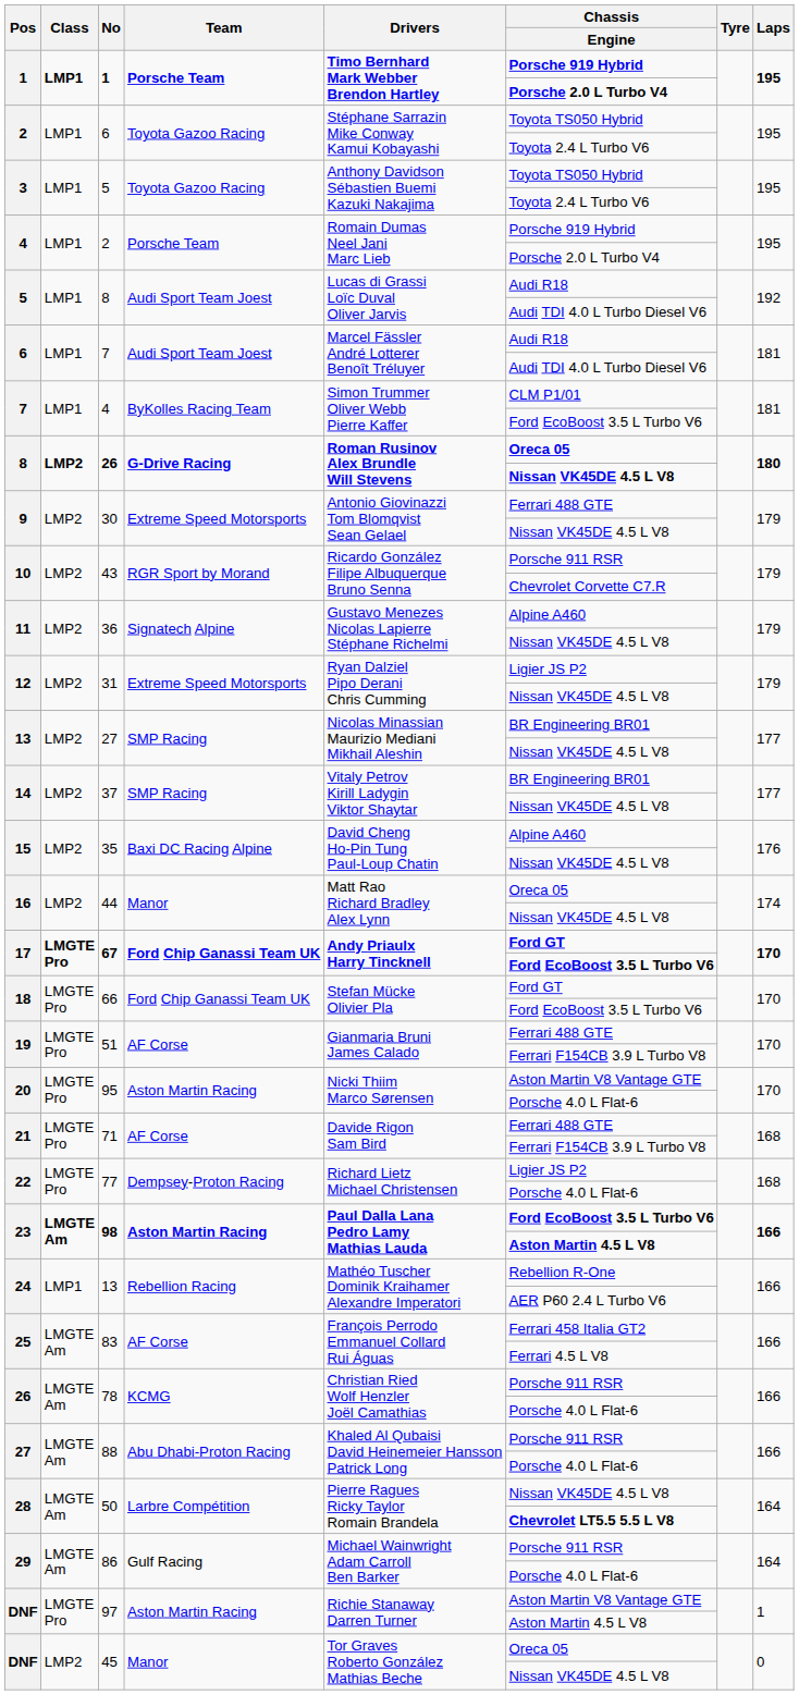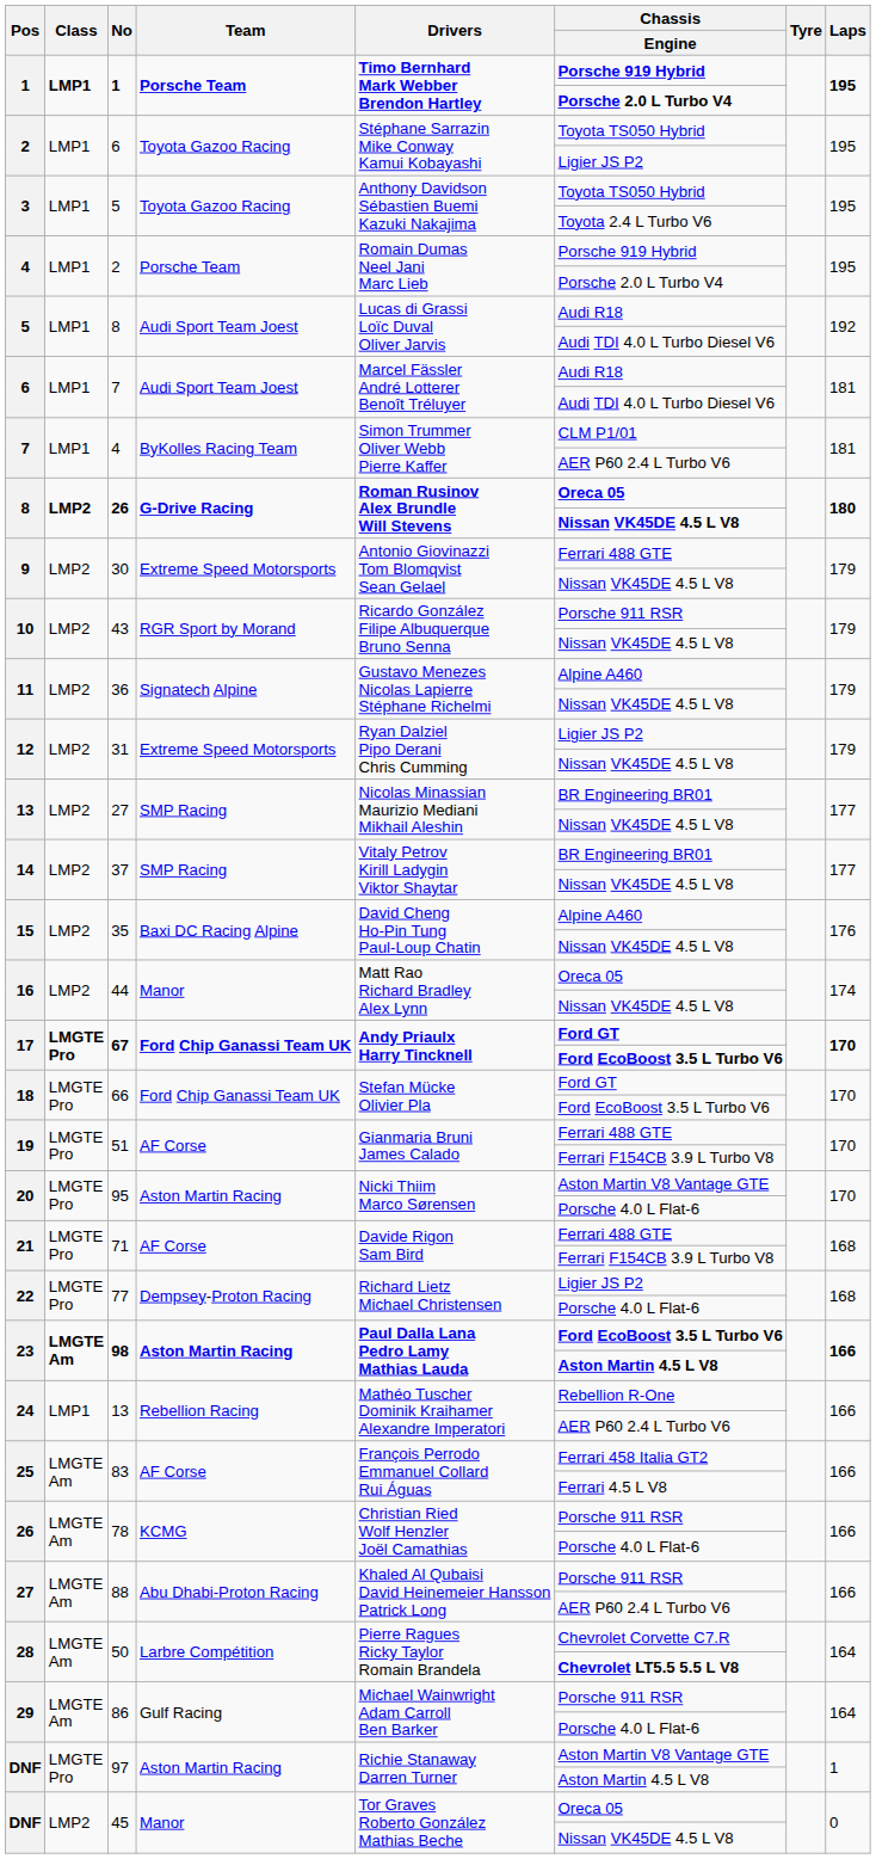 <table class="wikitable" style="font-size: 95%;">
 <tr>
 <th rowspan=2>Pos</th>
 <th rowspan=2>Class</th>
 <th rowspan=2>No</th>
 <th rowspan=2>Team</th>
 <th rowspan=2>Drivers</th>
 <th>Chassis</th>
 <th rowspan=2>Tyre</th>
 <th rowspan=2>Laps</th>
 </tr>
 <tr>
 <th>Engine</th>
 </tr>
 <tr style="font-weight:bold">
 <th rowspan=2>1</th>
 <td rowspan=2>LMP1</td>
 <td rowspan=2>1</td>
 <td rowspan=2> <a href='#'>Porsche Team</a></td>
 <td rowspan=2> <a href='#'>Timo Bernhard</a><br> <a href='#'>Mark Webber</a><br> <a href='#'>Brendon Hartley</a></td>
 <td><a href='#'>Porsche 919 Hybrid</a></td>
 <td rowspan=2></td>
 <td rowspan=2>195</td>
 </tr>
 <tr style="font-weight:bold">
 <td><a href='#'>Porsche</a> 2.0 L Turbo V4</td>
 </tr>
 <tr>
 <th rowspan=2>2</th>
 <td rowspan=2>LMP1</td>
 <td rowspan=2>6</td>
 <td rowspan=2> <a href='#'>Toyota Gazoo Racing</a></td>
 <td rowspan=2> <a href='#'>Stéphane Sarrazin</a><br> <a href='#'>Mike Conway</a><br> <a href='#'>Kamui Kobayashi</a></td>
 <td><a href='#'>Toyota TS050 Hybrid</a></td>
 <td rowspan=2></td>
 <td rowspan=2>195</td>
 </tr>
 <tr>
-<td><a href='#'>Toyota</a> 2.4 L Turbo V6</td>
+<td><a href='#'>Ligier JS P2</a></td>
 </tr>
 <tr>
 <th rowspan=2>3</th>
 <td rowspan=2>LMP1</td>
 <td rowspan=2>5</td>
 <td rowspan=2> <a href='#'>Toyota Gazoo Racing</a></td>
 <td rowspan=2> <a href='#'>Anthony Davidson</a><br> <a href='#'>Sébastien Buemi</a><br> <a href='#'>Kazuki Nakajima</a></td>
 <td><a href='#'>Toyota TS050 Hybrid</a></td>
 <td rowspan=2></td>
 <td rowspan=2>195</td>
 </tr>
 <tr>
 <td><a href='#'>Toyota</a> 2.4 L Turbo V6</td>
 </tr>
 <tr>
 <th rowspan=2>4</th>
 <td rowspan=2>LMP1</td>
 <td rowspan=2>2</td>
 <td rowspan=2> <a href='#'>Porsche Team</a></td>
 <td rowspan=2> <a href='#'>Romain Dumas</a><br> <a href='#'>Neel Jani</a><br> <a href='#'>Marc Lieb</a></td>
 <td><a href='#'>Porsche 919 Hybrid</a></td>
 <td rowspan=2></td>
 <td rowspan=2>195</td>
 </tr>
 <tr>
 <td><a href='#'>Porsche</a> 2.0 L Turbo V4</td>
 </tr>
 <tr>
 <th rowspan=2>5</th>
 <td rowspan=2>LMP1</td>
 <td rowspan=2>8</td>
 <td rowspan=2> <a href='#'>Audi Sport Team Joest</a></td>
 <td rowspan=2> <a href='#'>Lucas di Grassi</a><br> <a href='#'>Loïc Duval</a><br> <a href='#'>Oliver Jarvis</a></td>
 <td><a href='#'>Audi R18</a></td>
 <td rowspan=2></td>
 <td rowspan=2>192</td>
 </tr>
 <tr>
 <td><a href='#'>Audi</a> <a href='#'>TDI</a> 4.0 L Turbo Diesel V6</td>
 </tr>
 <tr>
 <th rowspan=2>6</th>
 <td rowspan=2>LMP1</td>
 <td rowspan=2>7</td>
 <td rowspan=2> <a href='#'>Audi Sport Team Joest</a></td>
 <td rowspan=2> <a href='#'>Marcel Fässler</a><br> <a href='#'>André Lotterer</a><br> <a href='#'>Benoît Tréluyer</a></td>
 <td><a href='#'>Audi R18</a></td>
 <td rowspan=2></td>
 <td rowspan=2>181</td>
 </tr>
 <tr>
 <td><a href='#'>Audi</a> <a href='#'>TDI</a> 4.0 L Turbo Diesel V6</td>
 </tr>
 <tr>
 <th rowspan=2>7</th>
 <td rowspan=2>LMP1</td>
 <td rowspan=2>4</td>
 <td rowspan=2> <a href='#'>ByKolles Racing Team</a></td>
 <td rowspan=2> <a href='#'>Simon Trummer</a><br> <a href='#'>Oliver Webb</a><br> <a href='#'>Pierre Kaffer</a></td>
 <td><a href='#'>CLM P1/01</a></td>
 <td rowspan=2></td>
 <td rowspan=2>181</td>
 </tr>
 <tr>
-<td><a href='#'>Ford</a> <a href='#'>EcoBoost</a> 3.5 L Turbo V6</td>
+<td><a href='#'>AER</a> P60 2.4 L Turbo V6</td>
 </tr>
 <tr style="font-weight:bold">
 <th rowspan=2>8</th>
 <td rowspan=2>LMP2</td>
 <td rowspan=2>26</td>
 <td rowspan=2> <a href='#'>G-Drive Racing</a></td>
 <td rowspan=2> <a href='#'>Roman Rusinov</a><br> <a href='#'>Alex Brundle</a><br> <a href='#'>Will Stevens</a></td>
 <td><a href='#'>Oreca 05</a></td>
 <td rowspan=2></td>
 <td rowspan=2>180</td>
 </tr>
 <tr style="font-weight:bold">
 <td><a href='#'>Nissan</a> <a href='#'>VK45DE</a> 4.5 L V8</td>
 </tr>
 <tr>
 <th rowspan=2>9</th>
 <td rowspan=2>LMP2</td>
 <td rowspan=2>30</td>
 <td rowspan=2> <a href='#'>Extreme Speed Motorsports</a></td>
 <td rowspan=2> <a href='#'>Antonio Giovinazzi</a><br> <a href='#'>Tom Blomqvist</a><br> <a href='#'>Sean Gelael</a></td>
 <td><a href='#'>Ferrari 488 GTE</a></td>
 <td rowspan=2></td>
 <td rowspan=2>179</td>
 </tr>
 <tr>
 <td><a href='#'>Nissan</a> <a href='#'>VK45DE</a> 4.5 L V8</td>
 </tr>
 <tr>
 <th rowspan=2>10</th>
 <td rowspan=2>LMP2</td>
 <td rowspan=2>43</td>
 <td rowspan=2> <a href='#'>RGR Sport by Morand</a></td>
 <td rowspan=2> <a href='#'>Ricardo González</a><br> <a href='#'>Filipe Albuquerque</a><br> <a href='#'>Bruno Senna</a></td>
 <td><a href='#'>Porsche 911 RSR</a></td>
 <td rowspan=2></td>
 <td rowspan=2>179</td>
 </tr>
 <tr>
-<td><a href='#'>Chevrolet Corvette C7.R</a></td>
+<td><a href='#'>Nissan</a> <a href='#'>VK45DE</a> 4.5 L V8</td>
 </tr>
 <tr>
 <th rowspan=2>11</th>
 <td rowspan=2>LMP2</td>
 <td rowspan=2>36</td>
 <td rowspan=2> <a href='#'>Signatech</a> <a href='#'>Alpine</a></td>
 <td rowspan=2> <a href='#'>Gustavo Menezes</a><br> <a href='#'>Nicolas Lapierre</a><br> <a href='#'>Stéphane Richelmi</a></td>
 <td><a href='#'>Alpine A460</a></td>
 <td rowspan=2></td>
 <td rowspan=2>179</td>
 </tr>
 <tr>
 <td><a href='#'>Nissan</a> <a href='#'>VK45DE</a> 4.5 L V8</td>
 </tr>
 <tr>
 <th rowspan=2>12</th>
 <td rowspan=2>LMP2</td>
 <td rowspan=2>31</td>
 <td rowspan=2> <a href='#'>Extreme Speed Motorsports</a></td>
 <td rowspan=2> <a href='#'>Ryan Dalziel</a><br> <a href='#'>Pipo Derani</a><br> Chris Cumming</td>
 <td><a href='#'>Ligier JS P2</a></td>
 <td rowspan=2></td>
 <td rowspan=2>179</td>
 </tr>
 <tr>
 <td><a href='#'>Nissan</a> <a href='#'>VK45DE</a> 4.5 L V8</td>
 </tr>
 <tr>
 <th rowspan=2>13</th>
 <td rowspan=2>LMP2</td>
 <td rowspan=2>27</td>
 <td rowspan=2> <a href='#'>SMP Racing</a></td>
 <td rowspan=2> <a href='#'>Nicolas Minassian</a><br> Maurizio Mediani<br> <a href='#'>Mikhail Aleshin</a></td>
 <td><a href='#'>BR Engineering BR01</a></td>
 <td rowspan=2></td>
 <td rowspan=2>177</td>
 </tr>
 <tr>
 <td><a href='#'>Nissan</a> <a href='#'>VK45DE</a> 4.5 L V8</td>
 </tr>
 <tr>
 <th rowspan=2>14</th>
 <td rowspan=2>LMP2</td>
 <td rowspan=2>37</td>
 <td rowspan=2> <a href='#'>SMP Racing</a></td>
 <td rowspan=2> <a href='#'>Vitaly Petrov</a><br> <a href='#'>Kirill Ladygin</a><br> <a href='#'>Viktor Shaytar</a></td>
 <td><a href='#'>BR Engineering BR01</a></td>
 <td rowspan=2></td>
 <td rowspan=2>177</td>
 </tr>
 <tr>
 <td><a href='#'>Nissan</a> <a href='#'>VK45DE</a> 4.5 L V8</td>
 </tr>
 <tr>
 <th rowspan=2>15</th>
 <td rowspan=2>LMP2</td>
 <td rowspan=2>35</td>
 <td rowspan=2> <a href='#'>Baxi DC Racing</a> <a href='#'>Alpine</a></td>
 <td rowspan=2> <a href='#'>David Cheng</a><br> <a href='#'>Ho-Pin Tung</a><br> <a href='#'>Paul-Loup Chatin</a></td>
 <td><a href='#'>Alpine A460</a></td>
 <td rowspan=2></td>
 <td rowspan=2>176</td>
 </tr>
 <tr>
 <td><a href='#'>Nissan</a> <a href='#'>VK45DE</a> 4.5 L V8</td>
 </tr>
 <tr>
 <th rowspan=2>16</th>
 <td rowspan=2>LMP2</td>
 <td rowspan=2>44</td>
 <td rowspan=2> <a href='#'>Manor</a></td>
 <td rowspan=2> Matt Rao<br> <a href='#'>Richard Bradley</a><br> <a href='#'>Alex Lynn</a></td>
 <td><a href='#'>Oreca 05</a></td>
 <td rowspan=2></td>
 <td rowspan=2>174</td>
 </tr>
 <tr>
 <td><a href='#'>Nissan</a> <a href='#'>VK45DE</a> 4.5 L V8</td>
 </tr>
 <tr style="font-weight:bold">
 <th rowspan=2>17</th>
 <td rowspan=2>LMGTE<br>Pro</td>
 <td rowspan=2>67</td>
 <td rowspan=2> <a href='#'>Ford</a> <a href='#'>Chip Ganassi Team UK</a></td>
 <td rowspan=2> <a href='#'>Andy Priaulx</a><br> <a href='#'>Harry Tincknell</a></td>
 <td><a href='#'>Ford GT</a></td>
 <td rowspan=2></td>
 <td rowspan=2>170</td>
 </tr>
 <tr style="font-weight:bold">
 <td><a href='#'>Ford</a> <a href='#'>EcoBoost</a> 3.5 L Turbo V6</td>
 </tr>
 <tr>
 <th rowspan=2>18</th>
 <td rowspan=2>LMGTE<br>Pro</td>
 <td rowspan=2>66</td>
 <td rowspan=2> <a href='#'>Ford</a> <a href='#'>Chip Ganassi Team UK</a></td>
 <td rowspan=2> <a href='#'>Stefan Mücke</a><br> <a href='#'>Olivier Pla</a></td>
 <td><a href='#'>Ford GT</a></td>
 <td rowspan=2></td>
 <td rowspan=2>170</td>
 </tr>
 <tr>
 <td><a href='#'>Ford</a> <a href='#'>EcoBoost</a> 3.5 L Turbo V6</td>
 </tr>
 <tr>
 <th rowspan=2>19</th>
 <td rowspan=2>LMGTE<br>Pro</td>
 <td rowspan=2>51</td>
 <td rowspan=2> <a href='#'>AF Corse</a></td>
 <td rowspan=2> <a href='#'>Gianmaria Bruni</a><br> <a href='#'>James Calado</a></td>
 <td><a href='#'>Ferrari 488 GTE</a></td>
 <td rowspan=2></td>
 <td rowspan=2>170</td>
 </tr>
 <tr>
 <td><a href='#'>Ferrari</a> <a href='#'>F154CB</a> 3.9 L Turbo V8</td>
 </tr>
 <tr>
 <th rowspan=2>20</th>
 <td rowspan=2>LMGTE<br>Pro</td>
 <td rowspan=2>95</td>
 <td rowspan=2> <a href='#'>Aston Martin Racing</a></td>
 <td rowspan=2> <a href='#'>Nicki Thiim</a><br> <a href='#'>Marco Sørensen</a></td>
 <td><a href='#'>Aston Martin V8 Vantage GTE</a></td>
 <td rowspan=2></td>
 <td rowspan=2>170</td>
 </tr>
 <tr>
 <td><a href='#'>Porsche</a> 4.0 L Flat-6</td>
 </tr>
 <tr>
 <th rowspan=2>21</th>
 <td rowspan=2>LMGTE<br>Pro</td>
 <td rowspan=2>71</td>
 <td rowspan=2> <a href='#'>AF Corse</a></td>
 <td rowspan=2> <a href='#'>Davide Rigon</a><br> <a href='#'>Sam Bird</a></td>
 <td><a href='#'>Ferrari 488 GTE</a></td>
 <td rowspan=2></td>
 <td rowspan=2>168</td>
 </tr>
 <tr>
 <td><a href='#'>Ferrari</a> <a href='#'>F154CB</a> 3.9 L Turbo V8</td>
 </tr>
 <tr>
 <th rowspan=2>22</th>
 <td rowspan=2>LMGTE<br>Pro</td>
 <td rowspan=2>77</td>
 <td rowspan=2> <a href='#'>Dempsey</a>-<a href='#'>Proton Racing</a></td>
 <td rowspan=2> <a href='#'>Richard Lietz</a><br> <a href='#'>Michael Christensen</a></td>
 <td><a href='#'>Ligier JS P2</a></td>
 <td rowspan=2></td>
 <td rowspan=2>168</td>
 </tr>
 <tr>
 <td><a href='#'>Porsche</a> 4.0 L Flat-6</td>
 </tr>
 <tr style="font-weight:bold">
 <th rowspan=2>23</th>
 <td rowspan=2>LMGTE<br>Am</td>
 <td rowspan=2>98</td>
 <td rowspan=2> <a href='#'>Aston Martin Racing</a></td>
 <td rowspan=2> <a href='#'>Paul Dalla Lana</a><br> <a href='#'>Pedro Lamy</a><br> <a href='#'>Mathias Lauda</a></td>
 <td><a href='#'>Ford</a> <a href='#'>EcoBoost</a> 3.5 L Turbo V6</td>
 <td rowspan=2></td>
 <td rowspan=2>166</td>
 </tr>
 <tr style="font-weight:bold">
 <td><a href='#'>Aston Martin</a> 4.5 L V8</td>
 </tr>
 <tr>
 <th rowspan=2>24</th>
 <td rowspan=2>LMP1</td>
 <td rowspan=2>13</td>
 <td rowspan=2> <a href='#'>Rebellion Racing</a></td>
 <td rowspan=2> <a href='#'>Mathéo Tuscher</a><br> <a href='#'>Dominik Kraihamer</a><br> <a href='#'>Alexandre Imperatori</a></td>
 <td><a href='#'>Rebellion R-One</a></td>
 <td rowspan=2></td>
 <td rowspan=2>166</td>
 </tr>
 <tr>
 <td><a href='#'>AER</a> P60 2.4 L Turbo V6</td>
 </tr>
 <tr>
 <th rowspan=2>25</th>
 <td rowspan=2>LMGTE<br>Am</td>
 <td rowspan=2>83</td>
 <td rowspan=2> <a href='#'>AF Corse</a></td>
 <td rowspan=2> <a href='#'>François Perrodo</a><br> <a href='#'>Emmanuel Collard</a><br> <a href='#'>Rui Águas</a></td>
 <td><a href='#'>Ferrari 458 Italia GT2</a></td>
 <td rowspan=2></td>
 <td rowspan=2>166</td>
 </tr>
 <tr>
 <td><a href='#'>Ferrari</a> 4.5 L V8</td>
 </tr>
 <tr>
 <th rowspan=2>26</th>
 <td rowspan=2>LMGTE<br>Am</td>
 <td rowspan=2>78</td>
 <td rowspan=2> <a href='#'>KCMG</a></td>
 <td rowspan=2> <a href='#'>Christian Ried</a><br> <a href='#'>Wolf Henzler</a><br> <a href='#'>Joël Camathias</a></td>
 <td><a href='#'>Porsche 911 RSR</a></td>
 <td rowspan=2></td>
 <td rowspan=2>166</td>
 </tr>
 <tr>
 <td><a href='#'>Porsche</a> 4.0 L Flat-6</td>
 </tr>
 <tr>
 <th rowspan=2>27</th>
 <td rowspan=2>LMGTE<br>Am</td>
 <td rowspan=2>88</td>
 <td rowspan=2> <a href='#'>Abu Dhabi-Proton Racing</a></td>
 <td rowspan=2> <a href='#'>Khaled Al Qubaisi</a><br> <a href='#'>David Heinemeier Hansson</a><br> <a href='#'>Patrick Long</a></td>
 <td><a href='#'>Porsche 911 RSR</a></td>
 <td rowspan=2></td>
 <td rowspan=2>166</td>
 </tr>
 <tr>
-<td><a href='#'>Porsche</a> 4.0 L Flat-6</td>
+<td><a href='#'>AER</a> P60 2.4 L Turbo V6</td>
 </tr>
 <tr>
 <th rowspan=2>28</th>
 <td rowspan=2>LMGTE<br>Am</td>
 <td rowspan=2>50</td>
 <td rowspan=2> <a href='#'>Larbre Compétition</a></td>
 <td rowspan=2> <a href='#'>Pierre Ragues</a><br> <a href='#'>Ricky Taylor</a><br> Romain Brandela</td>
-<td><a href='#'>Nissan</a> <a href='#'>VK45DE</a> 4.5 L V8</td>
+<td><a href='#'>Chevrolet Corvette C7.R</a></td>
 <td rowspan=2></td>
 <td rowspan=2>164</td>
 </tr>
 <tr>
 <td><strong><a href='#'>Chevrolet</a> LT5.5 5.5 L V8</strong></td>
 </tr>
 <tr>
 <th rowspan=2>29</th>
 <td rowspan=2>LMGTE<br>Am</td>
 <td rowspan=2>86</td>
 <td rowspan=2> Gulf Racing</td>
 <td rowspan=2> <a href='#'>Michael Wainwright</a><br> <a href='#'>Adam Carroll</a><br> <a href='#'>Ben Barker</a></td>
 <td><a href='#'>Porsche 911 RSR</a></td>
 <td rowspan=2></td>
 <td rowspan=2>164</td>
 </tr>
 <tr>
 <td><a href='#'>Porsche</a> 4.0 L Flat-6</td>
 </tr>
 <tr>
 <th rowspan=2>DNF</th>
 <td rowspan=2>LMGTE<br>Pro</td>
 <td rowspan=2>97</td>
 <td rowspan=2> <a href='#'>Aston Martin Racing</a></td>
 <td rowspan=2> <a href='#'>Richie Stanaway</a><br> <a href='#'>Darren Turner</a></td>
 <td><a href='#'>Aston Martin V8 Vantage GTE</a></td>
 <td rowspan=2></td>
 <td rowspan=2>1</td>
 </tr>
 <tr>
 <td><a href='#'>Aston Martin</a> 4.5 L V8</td>
 </tr>
 <tr>
 <th rowspan=2>DNF</th>
 <td rowspan=2>LMP2</td>
 <td rowspan=2>45</td>
 <td rowspan=2> <a href='#'>Manor</a></td>
 <td rowspan=2> <a href='#'>Tor Graves</a><br> <a href='#'>Roberto González</a><br> <a href='#'>Mathias Beche</a></td>
 <td><a href='#'>Oreca 05</a></td>
 <td rowspan=2></td>
 <td rowspan=2>0</td>
 </tr>
 <tr>
 <td><a href='#'>Nissan</a> <a href='#'>VK45DE</a> 4.5 L V8</td>
 </tr>
 </table>
